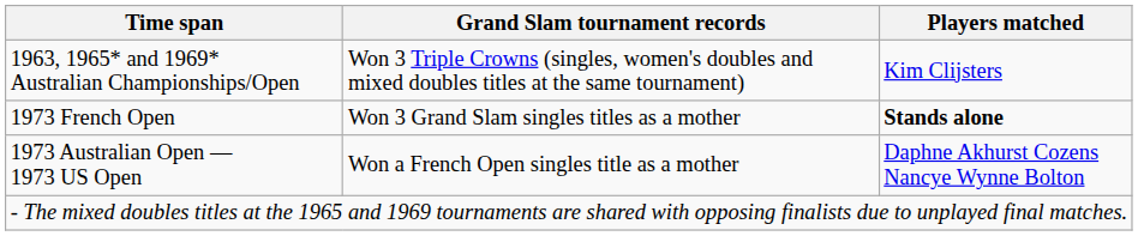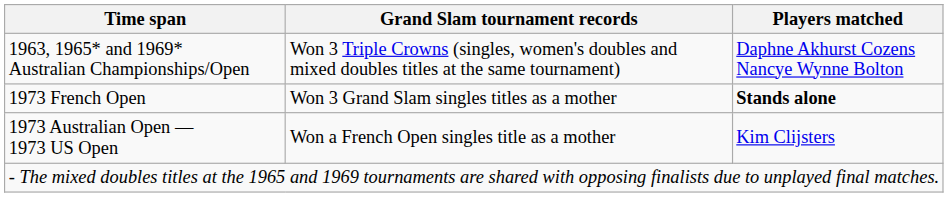 <table class="wikitable collapsible collapsed">
 <tr>
 <th>Time span</th>
 <th>Grand Slam tournament records</th>
 <th>Players matched</th>
 </tr>
 <tr>
 <td>1963, 1965* and 1969* <br> Australian Championships/Open</td>
 <td>Won 3 <a href='#'>Triple Crowns</a> (singles, women's doubles and<br>mixed doubles titles at the same tournament)</td>
-<td><a href='#'>Kim Clijsters</a></td>
+<td><a href='#'>Daphne Akhurst Cozens</a><br><a href='#'>Nancye Wynne Bolton</a></td>
 </tr>
 <tr>
 <td>1973 French Open</td>
 <td>Won 3 Grand Slam singles titles as a mother</td>
 <td><strong>Stands alone</strong></td>
 </tr>
 <tr>
 <td>1973 Australian Open —<br> 1973 US Open</td>
 <td>Won a French Open singles title as a mother</td>
-<td><a href='#'>Daphne Akhurst Cozens</a><br><a href='#'>Nancye Wynne Bolton</a></td>
+<td><a href='#'>Kim Clijsters</a></td>
 </tr>
 <tr>
 <td colspan="4"> <em>- The mixed doubles titles at the 1965 and 1969 tournaments are shared with opposing finalists due to unplayed final matches.</em></td>
 </tr>
 </table>
